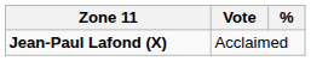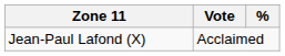 <table class="wikitable">
 <tr>
 <th bgcolor="#DDDDFF" width="200px">Zone 11</th>
 <th bgcolor="#DDDDFF" width="50px">Vote</th>
 <th bgcolor="#DDDDFF" width="30px">%</th>
 </tr>
 <tr>
-<td><strong>Jean-Paul Lafond (X)</strong></td>
+<td>Jean-Paul Lafond (X)</td>
 <td colspan="2">Acclaimed</td>
 </tr>
 </table>
